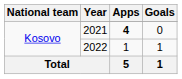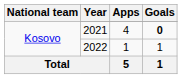 <table class="wikitable" style="text-align:center">
 <tr>
 <th>National team</th>
 <th>Year</th>
 <th>Apps</th>
 <th>Goals</th>
 </tr>
 <tr>
 <td rowspan="3"><a href='#'>Kosovo</a></td>
 </tr>
 <tr>
 <td>2021</td>
-<td><strong>4</strong></td>
-<td>0</td>
+<td>4</td>
+<td><strong>0</strong></td>
 </tr>
 <tr>
 <td>2022</td>
 <td>1</td>
 <td>1</td>
 </tr>
 <tr>
 <th colspan="2">Total</th>
 <th>5</th>
 <th>1</th>
 </tr>
 </table>
